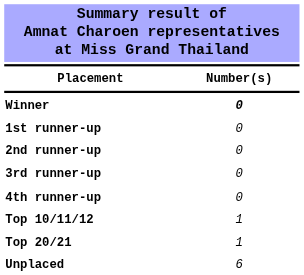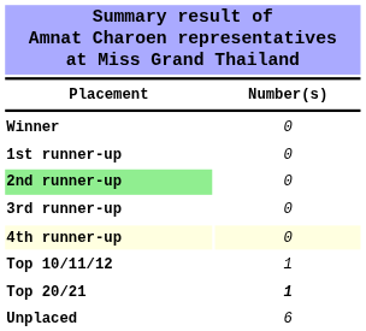 <table style="width: 270px; font-size:85%; line-height:1.5em;">
 <tr>
 <th colspan="2" align="center" style="background:#AAF;"><big>Summary result of<br>Amnat Charoen representatives<br>at Miss Grand Thailand</big></th>
 </tr>
 <tr>
 <td colspan="2" style="background:black"></td>
 </tr>
 <tr>
 <th scope="col">Placement</th>
 <th scope="col">Number(s)</th>
 </tr>
 <tr>
 <td colspan="2" style="background:black"></td>
 </tr>
 <tr>
 <td align="left"><strong>Winner</strong></td>
-<td align="center"><strong><em>0</em></strong></td>
+<td align="center"><em>0</em></td>
 </tr>
 <tr>
 <td align="left"><strong>1st runner-up</strong></td>
 <td align="center"><em>0</em></td>
 </tr>
 <tr>
-<td align="left"><strong>2nd runner-up</strong></td>
+<td align="left" style="background: lightgreen;"><strong>2nd runner-up</strong></td>
 <td align="center"><em>0</em></td>
 </tr>
 <tr>
 <td align="left"><strong>3rd runner-up</strong></td>
 <td align="center"><em>0</em></td>
 </tr>
 <tr>
-<td align="left"><strong>4th runner-up</strong></td>
-<td align="center"><em>0</em></td>
+<td align="left" style="background: lightyellow;"><strong>4th runner-up</strong></td>
+<td align="center" style="background: lightyellow;"><em>0</em></td>
 </tr>
 <tr>
 <td align="left"><strong>Top 10/11/12</strong></td>
 <td align="center"><em>1</em></td>
 </tr>
 <tr>
 <td align="left"><strong>Top 20/21</strong></td>
-<td align="center"><em>1</em></td>
+<td align="center"><strong><em>1</em></strong></td>
 </tr>
 <tr>
 <td align="left"><strong>Unplaced</strong></td>
 <td align="center"><em>6</em></td>
 </tr>
 </table>
